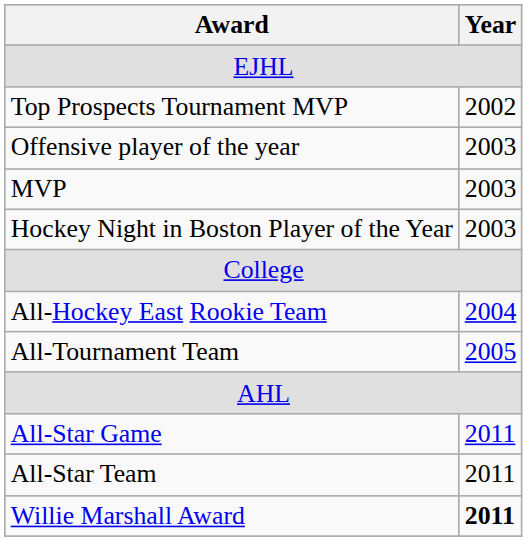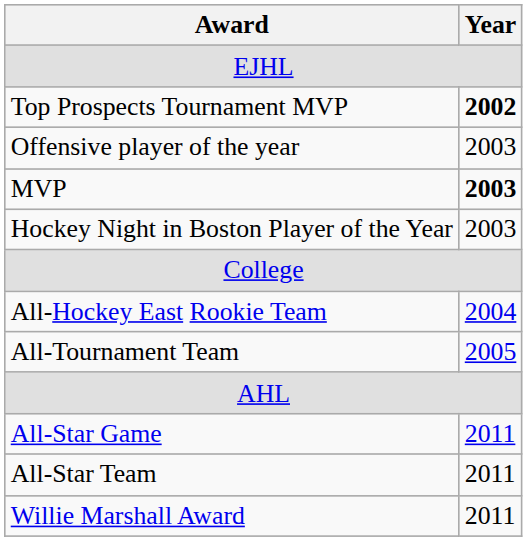 <table class="wikitable">
 <tr>
 <th>Award</th>
 <th>Year</th>
 </tr>
 <tr ALIGN="center" bgcolor="#e0e0e0">
 <td colspan="3"><a href='#'>EJHL</a></td>
 </tr>
 <tr>
 <td>Top Prospects Tournament MVP</td>
-<td>2002</td>
+<td><strong>2002</strong></td>
 </tr>
 <tr>
 <td>Offensive player of the year</td>
 <td>2003</td>
 </tr>
 <tr>
 <td>MVP</td>
-<td>2003</td>
+<td><strong>2003</strong></td>
 </tr>
 <tr>
 <td>Hockey Night in Boston Player of the Year</td>
 <td>2003</td>
 </tr>
 <tr ALIGN="center" bgcolor="#e0e0e0">
 <td colspan="3"><a href='#'>College</a></td>
 </tr>
 <tr>
 <td>All-<a href='#'>Hockey East</a> <a href='#'>Rookie Team</a></td>
 <td><a href='#'>2004</a></td>
 </tr>
 <tr>
 <td>All-Tournament Team</td>
 <td><a href='#'>2005</a></td>
 </tr>
 <tr ALIGN="center" bgcolor="#e0e0e0">
 <td colspan="3"><a href='#'>AHL</a></td>
 </tr>
 <tr>
 <td><a href='#'>All-Star Game</a></td>
 <td><a href='#'>2011</a></td>
 </tr>
 <tr>
 <td>All-Star Team</td>
 <td>2011</td>
 </tr>
 <tr>
 <td><a href='#'>Willie Marshall Award</a></td>
-<td><strong>2011</strong></td>
+<td>2011</td>
 </tr>
 </table>
